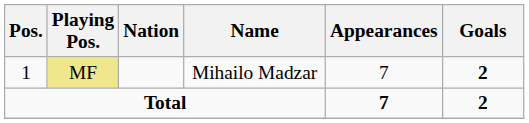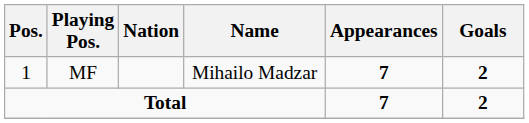 <table class="wikitable sortable" style="font-size:100%; text-align:center">
 <tr>
 <th width=15>Pos.</th>
 <th width=15>Playing Pos.</th>
 <th width=15>Nation</th>
 <th width=110>Name</th>
 <th width=50>Appearances</th>
 <th width=60>Goals</th>
 </tr>
 <tr>
 <td>1</td>
-<td style="background: khaki;">MF</td>
+<td>MF</td>
 <td></td>
 <td>Mihailo Madzar</td>
-<td>7</td>
+<td><strong>7</strong></td>
 <td><strong>2</strong></td>
 </tr>
 <tr>
 <td colspan=4><strong>Total</strong></td>
 <td><strong>7</strong></td>
 <td><strong>2</strong></td>
 </tr>
 <tr>
 </tr>
 </table>
